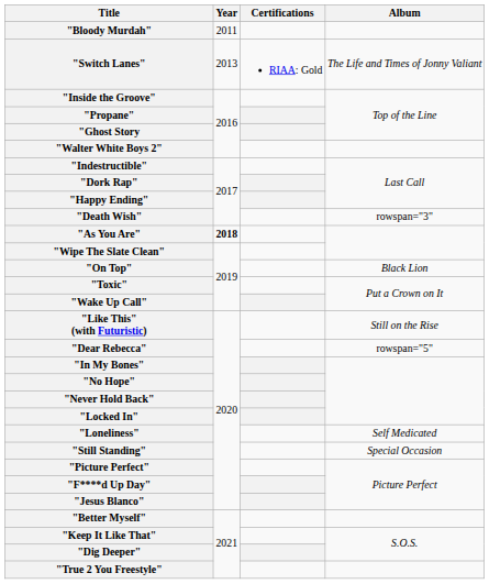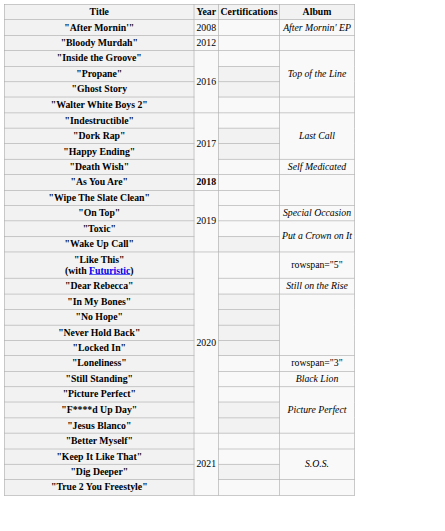 <table class="wikitable plainrowheaders" style="text-align:center;">
 <tr>
 <th scope="col" style="width:19em;">Title</th>
 <th scope="col">Year</th>
 <th>Certifications</th>
 <th scope="col">Album</th>
 </tr>
 <tr>
+<th scope="row">"After Mornin'"<br></th>
+<td>2008</td>
+<td></td>
+<td><em>After Mornin' EP</em></td>
+</tr>
+<tr>
 <th scope="row">"Bloody Murdah"<br></th>
-<td>2011</td>
+<td>2012</td>
 <td></td>
 <td></td>
-</tr>
-<tr>
-<th scope="row">"Switch Lanes"<br></th>
-<td>2013</td>
-<td><br><ul><li><a href='#'>RIAA</a>: Gold</li></ul></td>
-<td><em>The Life and Times of Jonny Valiant</em></td>
 </tr>
 <tr>
 <th scope="row">"Inside the Groove"<br></th>
 <td rowspan="4">2016</td>
 <td></td>
 <td rowspan="3"><em>Top of the Line</em></td>
 </tr>
 <tr>
 <th scope="row">"Propane"<br></th>
 <th></th>
 </tr>
 <tr>
 <th scope="row">"Ghost Story</th>
 <th></th>
 </tr>
 <tr>
 <th scope="row">"Walter White Boys 2"<br></th>
 <td></td>
 <td></td>
 </tr>
 <tr>
 <th scope="row">"Indestructible"</th>
 <td rowspan="4">2017</td>
 <td></td>
 <td rowspan="3"><em>Last Call</em></td>
 </tr>
 <tr>
 <th scope="row">"Dork Rap"</th>
 <th></th>
 </tr>
 <tr>
 <th scope="row">"Happy Ending"</th>
 <th></th>
 </tr>
 <tr>
 <th scope="row">"Death Wish"<br></th>
 <td></td>
-<td>rowspan="3"  </td>
+<td rowspan="1"><em>Self Medicated</em></td>
 </tr>
 <tr>
 <th scope="row">"As You Are"</th>
 <td rowspan="1"><strong>2018</strong></td>
 <td></td>
 </tr>
 <tr>
 <th scope="row">"Wipe The Slate Clean"<br></th>
 <td rowspan="4">2019</td>
 <td></td>
 </tr>
 <tr>
 <th scope="row">"On Top"<br></th>
 <td></td>
-<td rowspan="1"><em>Black Lion</em></td>
+<td rowspan="1"><em>Special Occasion</em></td>
 </tr>
 <tr>
 <th scope="row">"Toxic"</th>
 <td></td>
 <td rowspan="2"><em>Put a Crown on It</em></td>
 </tr>
 <tr>
 <th scope="row">"Wake Up Call"<br></th>
 <th></th>
 </tr>
 <tr>
 <th scope="row">"Like This"<br><span>(with <a href='#'>Futuristic</a>)</span></th>
 <td rowspan="11">2020</td>
 <td></td>
-<td><em>Still on the Rise</em></td>
+<td>rowspan="5" </td>
 </tr>
 <tr>
 <th scope="row">"Dear Rebecca"</th>
 <td></td>
-<td>rowspan="5" </td>
+<td><em>Still on the Rise</em></td>
 </tr>
 <tr>
 <th scope="row">"In My Bones"<br></th>
 <th></th>
 </tr>
 <tr>
 <th scope="row">"No Hope"<br></th>
 <th></th>
 </tr>
 <tr>
 <th scope="row">"Never Hold Back"<br></th>
 <th></th>
 </tr>
 <tr>
 <th scope="row">"Locked In"<br></th>
 <th></th>
 </tr>
 <tr>
 <th scope="row">"Loneliness"<br></th>
 <td></td>
-<td rowspan="1"><em>Self Medicated</em></td>
+<td>rowspan="3"  </td>
 </tr>
 <tr>
 <th scope="row">"Still Standing"<br></th>
 <td></td>
-<td rowspan="1"><em>Special Occasion</em></td>
+<td rowspan="1"><em>Black Lion</em></td>
 </tr>
 <tr>
 <th scope="row">"Picture Perfect"<br></th>
 <td></td>
 <td rowspan="3"><em>Picture Perfect</em></td>
 </tr>
 <tr>
 <th scope="row">"F****d Up Day"</th>
 <th></th>
 </tr>
 <tr>
 <th scope="row">"Jesus Blanco"<br></th>
 <th></th>
 </tr>
 <tr>
 <th scope="row">"Better Myself"<br></th>
 <td rowspan="4">2021</td>
 <td></td>
 <td></td>
 </tr>
 <tr>
 <th scope="row">"Keep It Like That"<br></th>
 <td></td>
 <td rowspan="2"><em>S.O.S.</em></td>
 </tr>
 <tr>
 <th scope="row">"Dig Deeper"</th>
 <th></th>
 </tr>
 <tr>
 <th scope="row">"True 2 You Freestyle"</th>
 <td></td>
 <td></td>
 </tr>
 </table>
